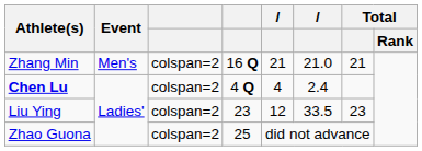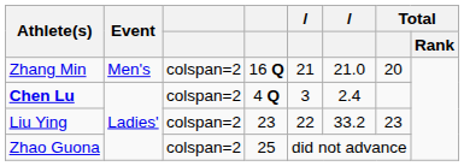 <table class="wikitable" style="font-size:90%">
 <tr>
 <th rowspan="2">Athlete(s)</th>
 <th rowspan="2">Event</th>
 <th></th>
 <th></th>
 <th>/</th>
 <th>/</th>
 <th colspan="2">Total</th>
 </tr>
 <tr>
 <th></th>
 <th></th>
 <th></th>
 <th></th>
 <th></th>
 <th>Rank</th>
 </tr>
 <tr align="center">
 <td align="left"><a href='#'>Zhang Min</a></td>
 <td align="left"><a href='#'>Men's</a></td>
 <td>colspan=2 </td>
 <td>16 <strong>Q</strong></td>
 <td>21</td>
 <td>21.0</td>
-<td>21</td>
+<td>20</td>
 </tr>
 <tr align="center">
 <td align="left"><strong><a href='#'>Chen Lu</a></strong></td>
 <td align="left" rowspan=3><a href='#'>Ladies'</a></td>
 <td>colspan=2 </td>
 <td>4 <strong>Q</strong></td>
-<td>4</td>
+<td>3</td>
 <td>2.4</td>
 <td></td>
 </tr>
 <tr align="center">
 <td align="left"><a href='#'>Liu Ying</a></td>
 <td>colspan=2 </td>
 <td>23</td>
-<td>12</td>
-<td>33.5</td>
+<td>22</td>
+<td>33.2</td>
 <td>23</td>
 </tr>
 <tr align="center">
 <td align="left"><a href='#'>Zhao Guona</a></td>
 <td>colspan=2 </td>
 <td>25</td>
 <td colspan=3>did not advance</td>
 </tr>
 </table>
